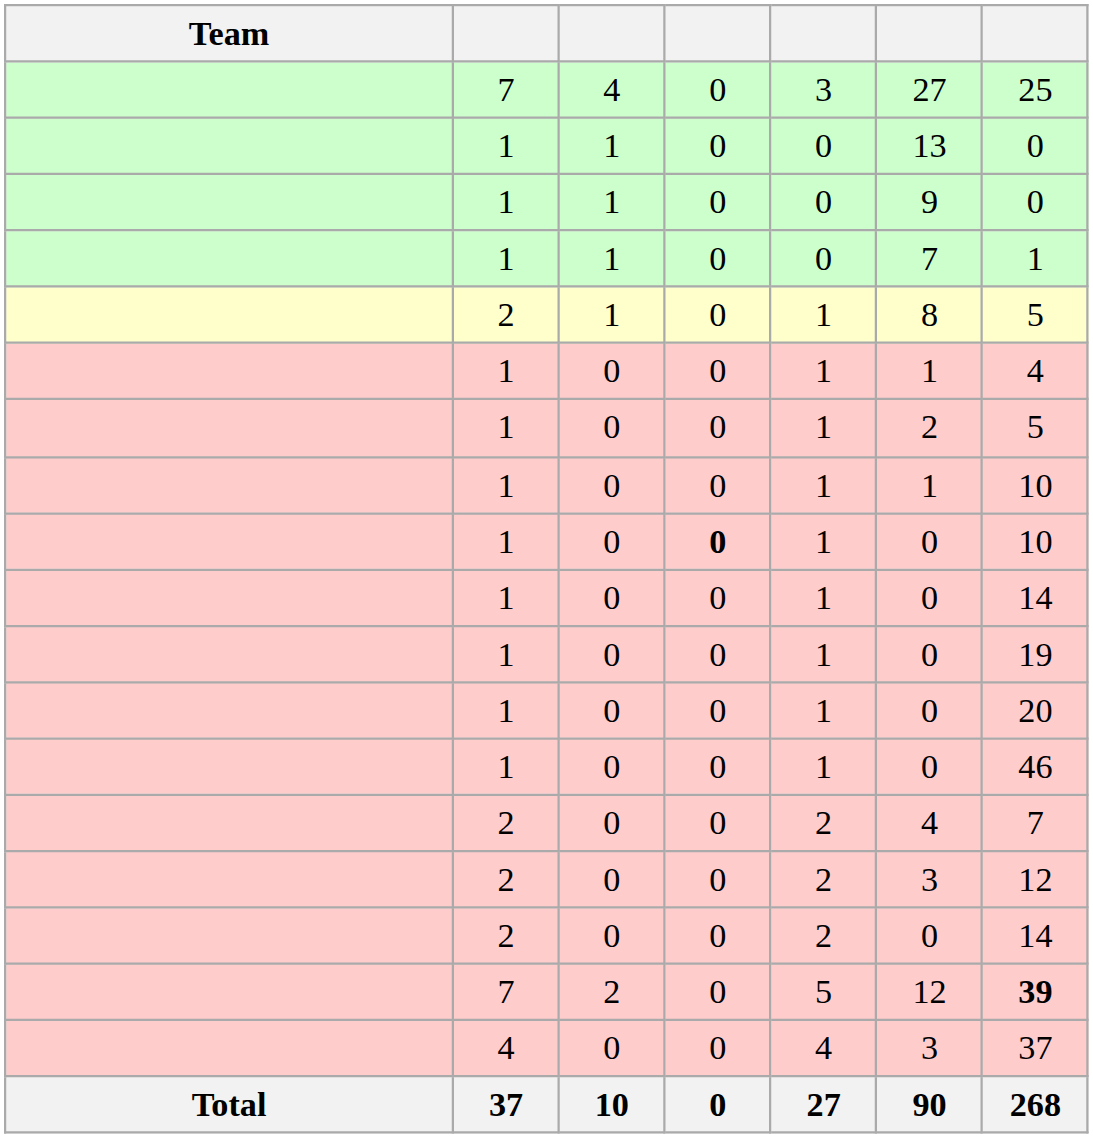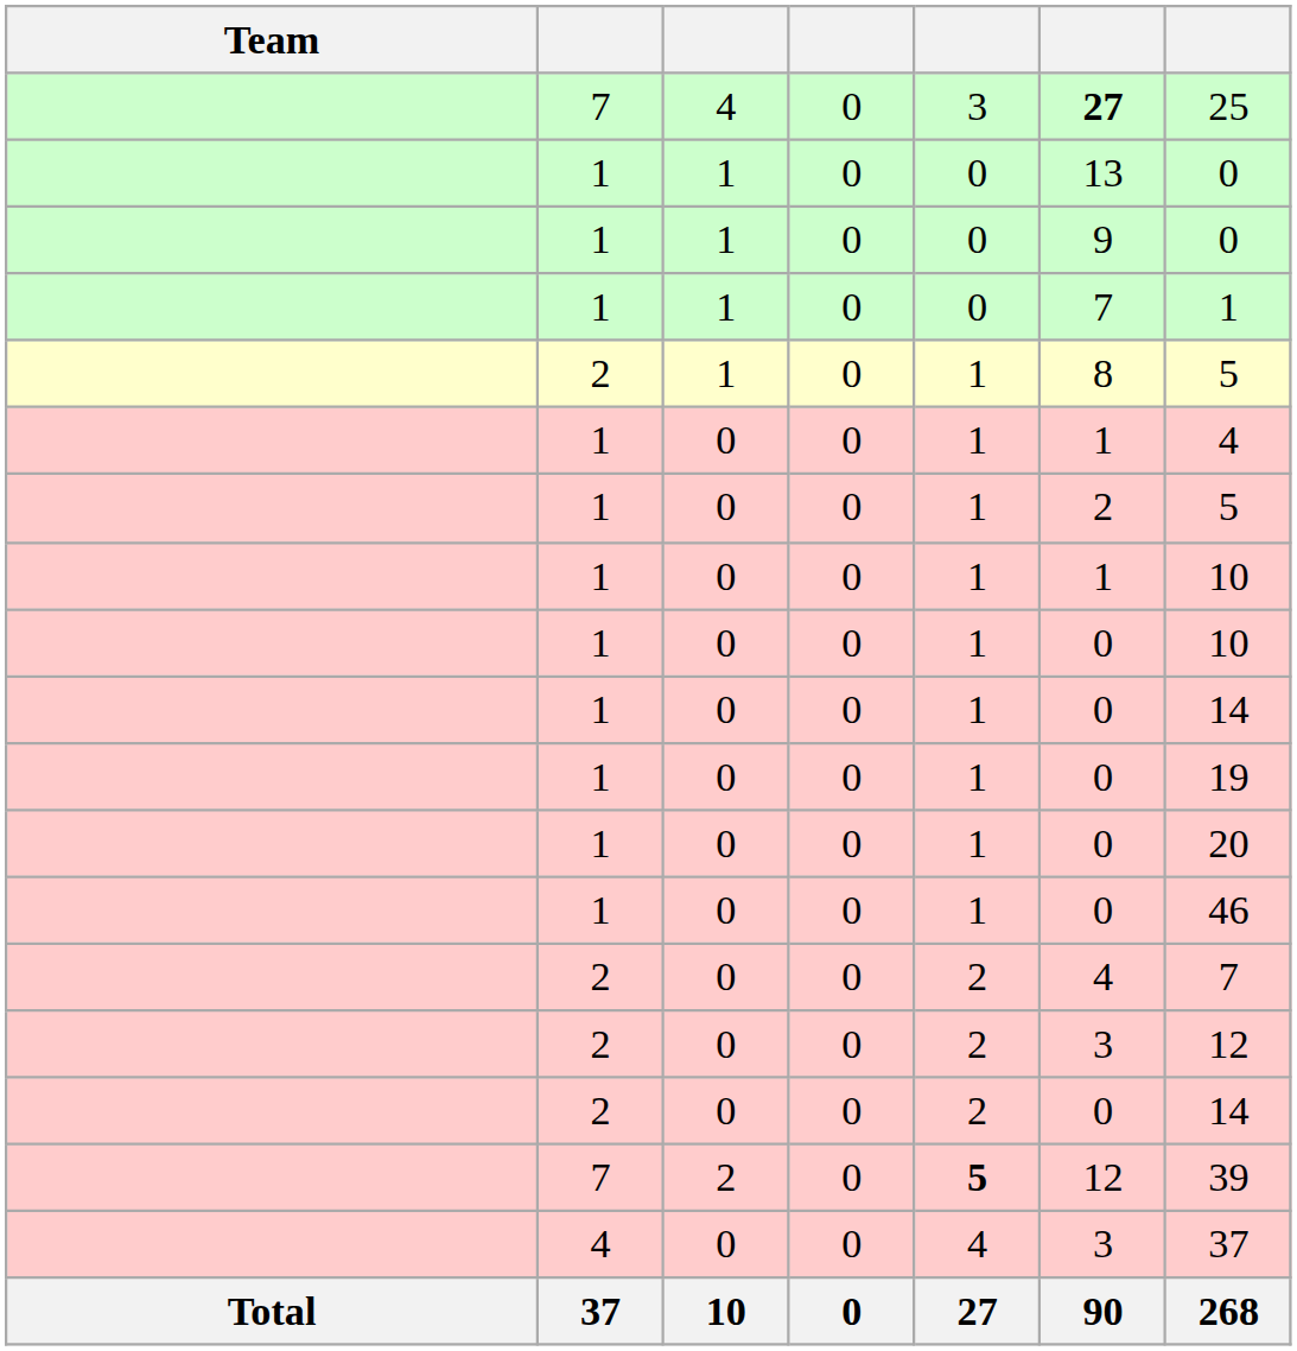 <table class="wikitable" style="font-size:95%; text-align:center">
 <tr>
 <th width=192>Team</th>
 <th width=40></th>
 <th width=40></th>
 <th width=40></th>
 <th width=40></th>
 <th width=40></th>
 <th width=40></th>
 </tr>
 <tr style="background:#ccffcc;">
 <td style="text-align:left;"></td>
 <td>7</td>
 <td>4</td>
 <td>0</td>
 <td>3</td>
-<td>27</td>
+<td><strong>27</strong></td>
 <td>25</td>
 </tr>
 <tr style="background:#ccffcc;">
 <td style="text-align:left;"></td>
 <td>1</td>
 <td>1</td>
 <td>0</td>
 <td>0</td>
 <td>13</td>
 <td>0</td>
 </tr>
 <tr style="background:#ccffcc;">
 <td style="text-align:left;"></td>
 <td>1</td>
 <td>1</td>
 <td>0</td>
 <td>0</td>
 <td>9</td>
 <td>0</td>
 </tr>
 <tr style="background:#ccffcc;">
 <td style="text-align:left;"></td>
 <td>1</td>
 <td>1</td>
 <td>0</td>
 <td>0</td>
 <td>7</td>
 <td>1</td>
 </tr>
 <tr style="background:#ffffcc;">
 <td style="text-align:left;"></td>
 <td>2</td>
 <td>1</td>
 <td>0</td>
 <td>1</td>
 <td>8</td>
 <td>5</td>
 </tr>
 <tr style="background:#ffcccc;">
 <td style="text-align:left;"></td>
 <td>1</td>
 <td>0</td>
 <td>0</td>
 <td>1</td>
 <td>1</td>
 <td>4</td>
 </tr>
 <tr style="background:#ffcccc;">
 <td style="text-align:left;"></td>
 <td>1</td>
 <td>0</td>
 <td>0</td>
 <td>1</td>
 <td>2</td>
 <td>5</td>
 </tr>
 <tr style="background:#ffcccc;">
 <td style="text-align:left;"></td>
 <td>1</td>
 <td>0</td>
 <td>0</td>
 <td>1</td>
 <td>1</td>
 <td>10</td>
 </tr>
 <tr style="background:#ffcccc;">
 <td style="text-align:left;"></td>
 <td>1</td>
 <td>0</td>
-<td><strong>0</strong></td>
+<td>0</td>
 <td>1</td>
 <td>0</td>
 <td>10</td>
 </tr>
 <tr style="background:#ffcccc;">
 <td style="text-align:left;"></td>
 <td>1</td>
 <td>0</td>
 <td>0</td>
 <td>1</td>
 <td>0</td>
 <td>14</td>
 </tr>
 <tr style="background:#ffcccc;">
 <td style="text-align:left;"></td>
 <td>1</td>
 <td>0</td>
 <td>0</td>
 <td>1</td>
 <td>0</td>
 <td>19</td>
 </tr>
 <tr style="background:#ffcccc;">
 <td style="text-align:left;"></td>
 <td>1</td>
 <td>0</td>
 <td>0</td>
 <td>1</td>
 <td>0</td>
 <td>20</td>
 </tr>
 <tr style="background:#ffcccc;">
 <td style="text-align:left;"></td>
 <td>1</td>
 <td>0</td>
 <td>0</td>
 <td>1</td>
 <td>0</td>
 <td>46</td>
 </tr>
 <tr style="background:#ffcccc;">
 <td style="text-align:left;"></td>
 <td>2</td>
 <td>0</td>
 <td>0</td>
 <td>2</td>
 <td>4</td>
 <td>7</td>
 </tr>
 <tr style="background:#ffcccc;">
 <td style="text-align:left;"></td>
 <td>2</td>
 <td>0</td>
 <td>0</td>
 <td>2</td>
 <td>3</td>
 <td>12</td>
 </tr>
 <tr style="background:#ffcccc;">
 <td style="text-align:left;"></td>
 <td>2</td>
 <td>0</td>
 <td>0</td>
 <td>2</td>
 <td>0</td>
 <td>14</td>
 </tr>
 <tr style="background:#ffcccc;">
 <td style="text-align:left;"></td>
 <td>7</td>
 <td>2</td>
 <td>0</td>
-<td>5</td>
+<td><strong>5</strong></td>
 <td>12</td>
-<td><strong>39</strong></td>
+<td>39</td>
 </tr>
 <tr style="background:#ffcccc;">
 <td style="text-align:left;"></td>
 <td>4</td>
 <td>0</td>
 <td>0</td>
 <td>4</td>
 <td>3</td>
 <td>37</td>
 </tr>
 <tr>
 <th>Total</th>
 <th>37</th>
 <th>10</th>
 <th>0</th>
 <th>27</th>
 <th>90</th>
 <th>268</th>
 </tr>
 </table>
